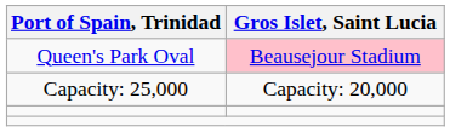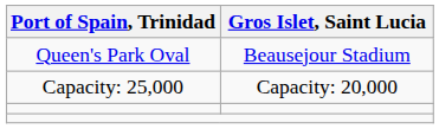 <table class="wikitable" style="text-align:center; margin:1em auto;">
 <tr>
 <th width="50%"><a href='#'>Port of Spain</a>, Trinidad</th>
 <th width="50%"><a href='#'>Gros Islet</a>, Saint Lucia</th>
 </tr>
 <tr>
 <td><a href='#'>Queen's Park Oval</a></td>
-<td style="background: pink;"><a href='#'>Beausejour Stadium</a></td>
+<td><a href='#'>Beausejour Stadium</a></td>
 </tr>
 <tr>
 <td>Capacity: 25,000</td>
 <td>Capacity: 20,000</td>
 </tr>
 <tr>
 <td></td>
 <td></td>
 </tr>
 <tr>
 <td colspan=2></td>
 </tr>
 </table>
